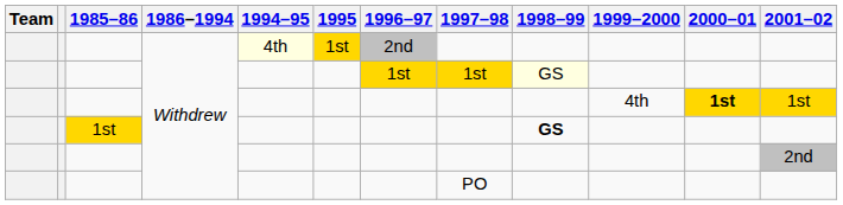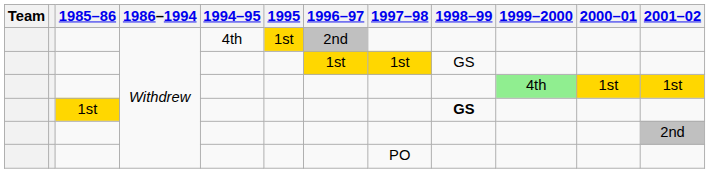 <table class="wikitable">
 <tr>
 <th>Team</th>
 <th></th>
 <th><a href='#'>1985–86</a></th>
 <th><a href='#'>1986</a>–<a href='#'>1994</a></th>
 <th><a href='#'>1994–95</a></th>
 <th><a href='#'>1995</a></th>
 <th><a href='#'>1996–97</a></th>
 <th><a href='#'>1997–98</a></th>
 <th><a href='#'>1998–99</a></th>
 <th><a href='#'>1999–2000</a></th>
 <th><a href='#'>2000–01</a></th>
 <th><a href='#'>2001–02</a></th>
 </tr>
 <tr align="center">
 <th style="text-align:left;"></th>
 <th></th>
 <td></td>
 <td rowspan="6"><em>Withdrew</em></td>
-<td style="background: lightyellow;">4th</td>
+<td>4th</td>
 <td style="background:gold;">1st</td>
 <td style="background:silver;">2nd</td>
 <td></td>
 <td></td>
 <td></td>
 <td></td>
 <td></td>
 </tr>
 <tr align="center">
 <th style="text-align:left;"></th>
 <th></th>
 <td></td>
 <td></td>
 <td></td>
 <td style="background:gold;">1st</td>
 <td style="background:gold;">1st</td>
-<td style="background: lightyellow;">GS</td>
+<td>GS</td>
 <td></td>
 <td></td>
 <td></td>
 </tr>
 <tr align="center">
 <th style="text-align:left;"></th>
 <th></th>
 <td></td>
 <td></td>
 <td></td>
 <td></td>
 <td></td>
 <td></td>
-<td>4th</td>
-<td style="background:gold;"><strong>1st</strong></td>
+<td style="background: lightgreen;">4th</td>
+<td style="background:gold;">1st</td>
 <td style="background:gold;">1st</td>
 </tr>
 <tr align="center">
 <th style="text-align:left;"></th>
 <th></th>
 <td style="background:gold;">1st</td>
 <td></td>
 <td></td>
 <td></td>
 <td></td>
 <td><strong>GS</strong></td>
 <td></td>
 <td></td>
 <td></td>
 </tr>
 <tr align="center">
 <th style="text-align:left;"></th>
 <th></th>
 <td></td>
 <td></td>
 <td></td>
 <td></td>
 <td></td>
 <td></td>
 <td></td>
 <td></td>
 <td style="background:silver;">2nd</td>
 </tr>
 <tr align="center">
 <th style="text-align:left;"></th>
 <th></th>
 <td></td>
 <td></td>
 <td></td>
 <td></td>
 <td>PO</td>
 <td></td>
 <td></td>
 <td></td>
 <td></td>
 </tr>
 </table>
